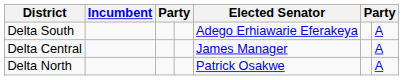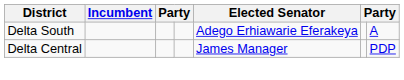 <table class="sortable wikitable" style="font-size:95%;line-height:14px;">
 <tr>
 <th class="unsortable">District</th>
 <th class="unsortable"><a href='#'>Incumbent</a></th>
 <th colspan="2">Party</th>
 <th class="unsortable">Elected Senator</th>
 <th colspan="2">Party</th>
 </tr>
 <tr>
 <td>Delta South</td>
 <td></td>
 <td></td>
 <td></td>
 <td><a href='#'>Adego Erhiawarie Eferakeya</a></td>
 <td style="background:"></td>
 <td><a href='#'>A</a></td>
 </tr>
 <tr>
 <td>Delta Central</td>
 <td></td>
 <td></td>
 <td></td>
 <td><a href='#'>James Manager</a></td>
 <td style="background:"></td>
-<td><a href='#'>A</a></td>
-</tr>
-<tr>
-<td>Delta North</td>
-<td></td>
-<td></td>
-<td></td>
-<td><a href='#'>Patrick Osakwe</a></td>
-<td style="background:"></td>
-<td><a href='#'>A</a></td>
+<td><a href='#'>PDP</a></td>
 </tr>
 </table>
